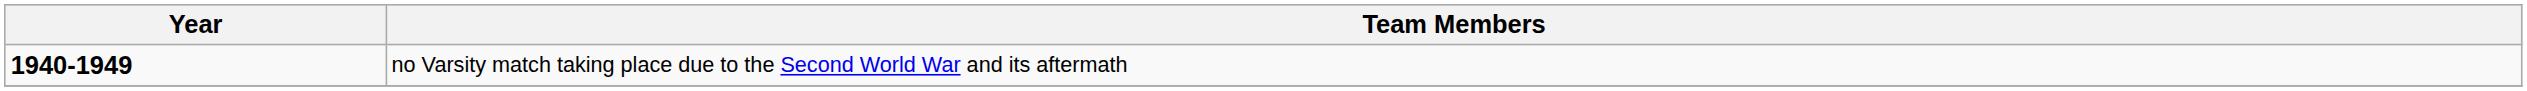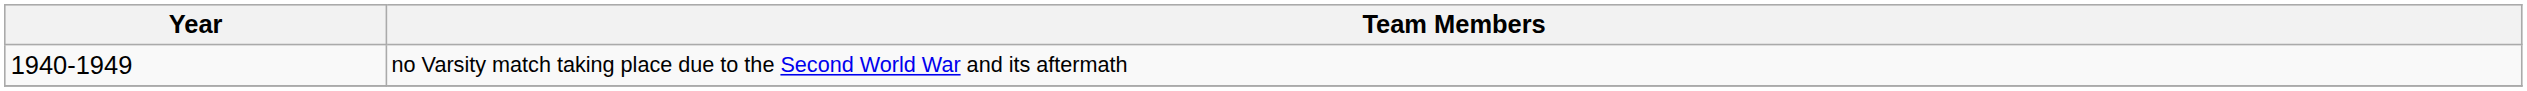 <table class="wikitable" width="100%">
 <tr>
 <th>Year</th>
 <th>Team Members</th>
 </tr>
 <tr>
-<td><strong>1940-1949</strong></td>
+<td>1940-1949</td>
 <td style="font-size:85%">no Varsity match taking place due to the <a href='#'>Second World War</a> and its aftermath</td>
 </tr>
 <tr>
 </tr>
 </table>
